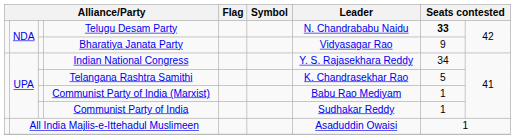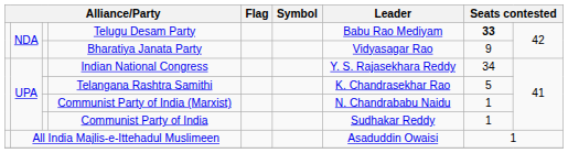 <table class="wikitable sortable" width="50%" style="text-align:center;">
 <tr>
 <th colspan=4>Alliance/Party</th>
 <th>Flag</th>
 <th>Symbol</th>
 <th>Leader</th>
 <th colspan=4>Seats contested</th>
 </tr>
 <tr>
 <td rowspan=2 style="text-align:center; background:"></td>
 <td rowspan=2><a href='#'>NDA</a></td>
 <td style="text-align:center; background:"></td>
 <td><a href='#'>Telugu Desam Party</a></td>
 <td></td>
 <td></td>
-<td><a href='#'>N. Chandrababu Naidu</a></td>
+<td><a href='#'>Babu Rao Mediyam</a></td>
 <td><strong>33</strong></td>
 <td rowspan=2>42</td>
 </tr>
 <tr>
 <td style="text-align:center; background:"></td>
 <td><a href='#'>Bharatiya Janata Party</a></td>
 <td></td>
 <td></td>
 <td><a href='#'>Vidyasagar Rao</a></td>
 <td>9</td>
 </tr>
 <tr>
 <td rowspan=4 style="text-align:center; background:"></td>
 <td rowspan=4><a href='#'>UPA</a></td>
 <td style="text-align:center; background:"></td>
 <td><a href='#'>Indian National Congress</a></td>
 <td></td>
 <td></td>
 <td><a href='#'>Y. S. Rajasekhara Reddy</a></td>
 <td>34</td>
 <td rowspan=4>41</td>
 </tr>
 <tr>
 <td style="text-align:center; background:"></td>
 <td><a href='#'>Telangana Rashtra Samithi</a></td>
 <td></td>
 <td></td>
 <td><a href='#'>K. Chandrasekhar Rao</a></td>
 <td>5</td>
 </tr>
 <tr>
 <td style="text-align:center; background:"></td>
 <td><a href='#'>Communist Party of India (Marxist)</a></td>
 <td></td>
 <td></td>
-<td><a href='#'>Babu Rao Mediyam</a></td>
+<td><a href='#'>N. Chandrababu Naidu</a></td>
 <td>1</td>
 </tr>
 <tr>
 <td style="text-align:center; background:"></td>
 <td><a href='#'>Communist Party of India</a></td>
 <td></td>
 <td></td>
 <td><a href='#'>Sudhakar Reddy</a></td>
 <td>1</td>
 </tr>
 <tr>
 <td style="text-align:center; background:"></td>
 <td colspan=3><a href='#'>All India Majlis-e-Ittehadul Muslimeen</a></td>
 <td></td>
 <td></td>
 <td><a href='#'>Asaduddin Owaisi</a></td>
 <td colspan=3>1</td>
 </tr>
 <tr>
 </tr>
 </table>
